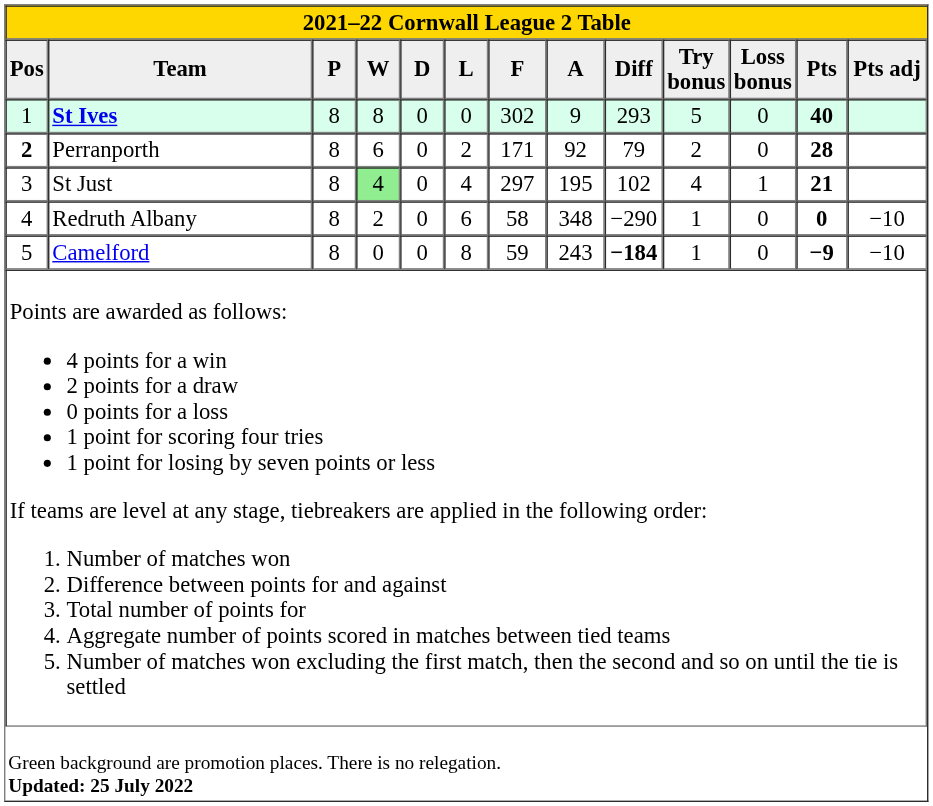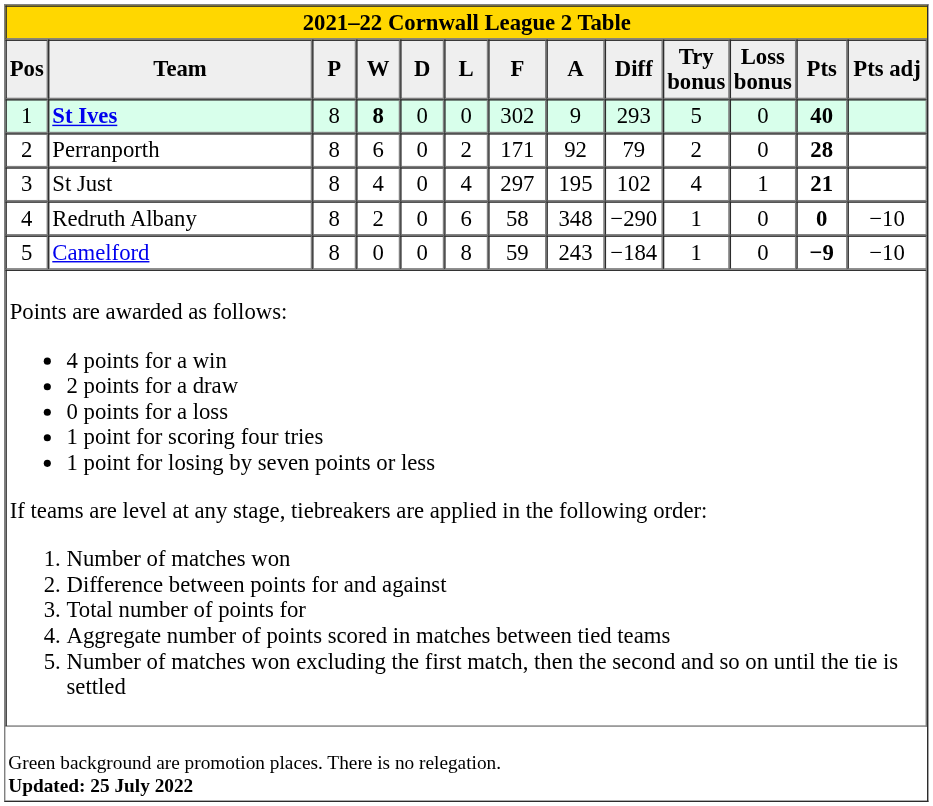 <table border="1" cellpadding="2" cellspacing="0">
 <tr bgcolor="gold">
 <th colspan=13 style="border-right:0px;";>2021–22 Cornwall League 2 Table</th>
 </tr>
 <tr bgcolor="#efefef">
 <th width="20">Pos</th>
 <th width="180">Team</th>
 <th width="25">P</th>
 <th width="25">W</th>
 <th width="25">D</th>
 <th width="25">L</th>
 <th width="35">F</th>
 <th width="35">A</th>
 <th width="35">Diff</th>
 <th width="35">Try bonus</th>
 <th width="35">Loss bonus</th>
 <th width="30">Pts</th>
 <th width="50">Pts adj</th>
 </tr>
 <tr bgcolor=#d8ffeb align=center>
 <td>1</td>
 <td align=left><strong><a href='#'>St Ives</a></strong></td>
 <td>8</td>
-<td>8</td>
+<td><strong>8</strong></td>
 <td>0</td>
 <td>0</td>
 <td>302</td>
 <td>9</td>
 <td>293</td>
 <td>5</td>
 <td>0</td>
 <td><strong>40</strong></td>
 <td></td>
 </tr>
 <tr align=center>
-<td><strong>2</strong></td>
+<td>2</td>
 <td align=left>Perranporth</td>
 <td>8</td>
 <td>6</td>
 <td>0</td>
 <td>2</td>
 <td>171</td>
 <td>92</td>
 <td>79</td>
 <td>2</td>
 <td>0</td>
 <td><strong>28</strong></td>
 <td></td>
 </tr>
 <tr align=center>
 <td>3</td>
 <td align=left>St Just</td>
 <td>8</td>
-<td style="background: lightgreen;">4</td>
+<td>4</td>
 <td>0</td>
 <td>4</td>
 <td>297</td>
 <td>195</td>
 <td>102</td>
 <td>4</td>
 <td>1</td>
 <td><strong>21</strong></td>
 <td></td>
 </tr>
 <tr align=center>
 <td>4</td>
 <td align=left>Redruth Albany</td>
 <td>8</td>
 <td>2</td>
 <td>0</td>
 <td>6</td>
 <td>58</td>
 <td>348</td>
 <td>−290</td>
 <td>1</td>
 <td>0</td>
 <td><strong>0</strong></td>
 <td>−10</td>
 </tr>
 <tr align=center>
 <td>5</td>
 <td align=left><a href='#'>Camelford</a></td>
 <td>8</td>
 <td>0</td>
 <td>0</td>
 <td>8</td>
 <td>59</td>
 <td>243</td>
-<td><strong>−184</strong></td>
+<td>−184</td>
 <td>1</td>
 <td>0</td>
 <td><strong>−9</strong></td>
 <td>−10</td>
 </tr>
 <tr>
 </tr>
 <tr bgcolor=#ffffff>
 <td colspan="13"><br>Points are awarded as follows:<ul><li>4 points for a win</li><li>2 points for a draw</li><li>0 points for a loss</li><li>1 point for scoring four tries</li><li>1 point for losing by seven points or less</li></ul>If teams are level at any stage, tiebreakers are applied in the following order:<ol><li>Number of matches won</li><li>Difference between points for and against</li><li>Total number of points for</li><li>Aggregate number of points scored in matches between tied teams</li><li>Number of matches won excluding the first match, then the second and so on until the tie is settled</li></ol></td>
 </tr>
 <tr |align=left|>
 <td colspan="15" style="border:0px;font-size:85%;"><br><span>Green background</span> are promotion places. There is no relegation. <br> <strong>Updated: 25 July 2022</strong></td>
 </tr>
 </table>
